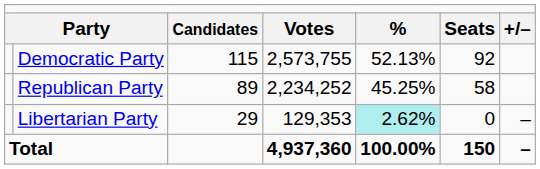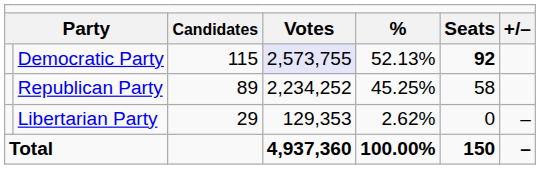 <table class="wikitable" style="font-size:100%; text-align:right;">
 <tr>
 <td colspan="15" align="center"></td>
 </tr>
 <tr>
 <th colspan="2">Party</th>
 <th><small>Candidates</small></th>
 <th>Votes</th>
 <th>%</th>
 <th>Seats</th>
 <th>+/–</th>
 </tr>
 <tr>
 <td style="background:"></td>
 <td align="left"><a href='#'>Democratic Party</a></td>
 <td>115</td>
-<td>2,573,755</td>
+<td style="background: lavender;">2,573,755</td>
 <td>52.13%</td>
-<td>92</td>
+<td><strong>92</strong></td>
 <td></td>
 </tr>
 <tr>
 <td style="background:"></td>
 <td align="left"><a href='#'>Republican Party</a></td>
 <td>89</td>
 <td>2,234,252</td>
 <td>45.25%</td>
 <td>58</td>
 <td></td>
 </tr>
 <tr>
 <td style="background:"></td>
 <td align="left"><a href='#'>Libertarian Party</a></td>
 <td>29</td>
 <td>129,353</td>
-<td style="background: paleturquoise;">2.62%</td>
+<td>2.62%</td>
 <td>0</td>
 <td>–</td>
 </tr>
 <tr style="font-weight:bold">
 <td colspan="2" align="left">Total</td>
 <td></td>
 <td>4,937,360</td>
 <td>100.00%</td>
 <td>150</td>
 <td>–</td>
 </tr>
 </table>
